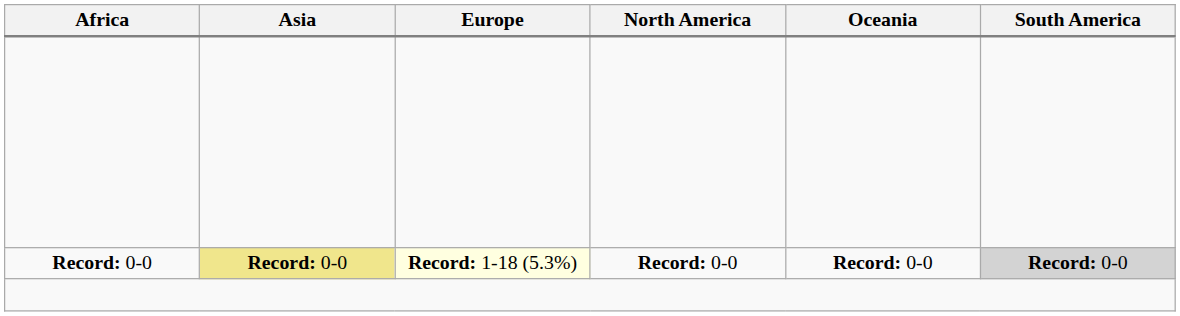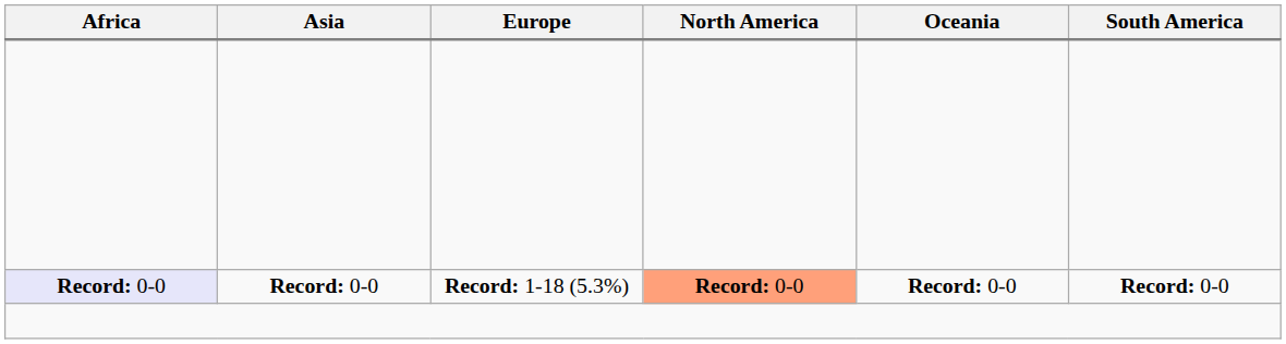 <table class="wikitable">
 <tr>
 <th width="150">Africa</th>
 <th width="150">Asia</th>
 <th width="150">Europe</th>
 <th width="150">North America</th>
 <th width="150">Oceania</th>
 <th width="150">South America</th>
 </tr>
 <tr style="border-top:2px solid gray;">
 <td align="center"></td>
 <td align="center"></td>
 <td align="center"><br><br><br><br><br><br><br><br><br></td>
 <td align="center"></td>
 <td align="center"></td>
 <td align="center"></td>
 </tr>
 <tr>
+<td align="center" style="background: lavender;"><strong>Record:</strong> 0-0</td>
 <td align="center"><strong>Record:</strong> 0-0</td>
-<td align="center" style="background: khaki;"><strong>Record:</strong> 0-0</td>
-<td align="center" style="background: lightyellow;"><strong>Record:</strong> 1-18 (5.3%)</td>
+<td align="center"><strong>Record:</strong> 1-18 (5.3%)</td>
+<td align="center" style="background: lightsalmon;"><strong>Record:</strong> 0-0</td>
 <td align="center"><strong>Record:</strong> 0-0</td>
 <td align="center"><strong>Record:</strong> 0-0</td>
-<td align="center" style="background: lightgrey;"><strong>Record:</strong> 0-0</td>
 </tr>
 <tr>
 <td colspan=6><br></td>
 </tr>
 </table>
